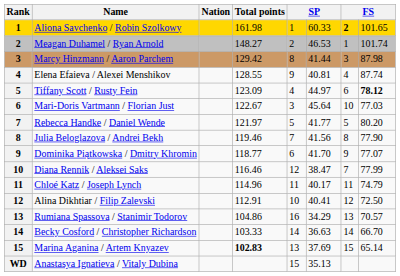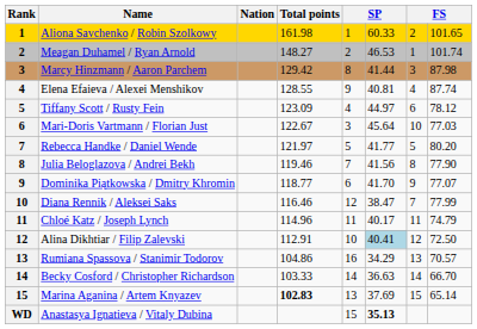 <table class="wikitable">
 <tr>
 <th>Rank</th>
 <th>Name</th>
 <th>Nation</th>
 <th>Total points</th>
 <th colspan="2" width="80px"><a href='#'>SP</a></th>
 <th colspan="2" width="80px"><a href='#'>FS</a></th>
 </tr>
 <tr bgcolor="gold">
 <td align="center"><strong>1</strong></td>
 <td><a href='#'>Aliona Savchenko</a> / <a href='#'>Robin Szolkowy</a></td>
 <td></td>
 <td>161.98</td>
 <td>1</td>
 <td>60.33</td>
-<td><strong>2</strong></td>
+<td>2</td>
 <td>101.65</td>
 </tr>
 <tr bgcolor="silver">
 <td align="center"><strong>2</strong></td>
 <td><a href='#'>Meagan Duhamel</a> / <a href='#'>Ryan Arnold</a></td>
 <td></td>
 <td>148.27</td>
 <td>2</td>
 <td>46.53</td>
 <td>1</td>
 <td>101.74</td>
 </tr>
 <tr bgcolor="cc9966">
 <td align="center"><strong>3</strong></td>
 <td><a href='#'>Marcy Hinzmann</a> / <a href='#'>Aaron Parchem</a></td>
 <td></td>
 <td>129.42</td>
 <td>8</td>
 <td>41.44</td>
 <td>3</td>
 <td>87.98</td>
 </tr>
 <tr>
 <th>4</th>
 <td>Elena Efaieva / Alexei Menshikov</td>
 <td></td>
 <td>128.55</td>
 <td>9</td>
 <td>40.81</td>
 <td>4</td>
 <td>87.74</td>
 </tr>
 <tr>
 <th>5</th>
 <td><a href='#'>Tiffany Scott</a> / <a href='#'>Rusty Fein</a></td>
 <td></td>
 <td>123.09</td>
 <td>4</td>
 <td>44.97</td>
 <td>6</td>
-<td><strong>78.12</strong></td>
+<td>78.12</td>
 </tr>
 <tr>
 <th>6</th>
 <td><a href='#'>Mari-Doris Vartmann</a> / <a href='#'>Florian Just</a></td>
 <td></td>
 <td>122.67</td>
 <td>3</td>
 <td>45.64</td>
 <td>10</td>
 <td>77.03</td>
 </tr>
 <tr>
 <th>7</th>
 <td><a href='#'>Rebecca Handke</a> / <a href='#'>Daniel Wende</a></td>
 <td></td>
 <td>121.97</td>
 <td>5</td>
 <td>41.77</td>
 <td>5</td>
 <td>80.20</td>
 </tr>
 <tr>
 <th>8</th>
 <td><a href='#'>Julia Beloglazova</a> / <a href='#'>Andrei Bekh</a></td>
 <td></td>
 <td>119.46</td>
 <td>7</td>
 <td>41.56</td>
 <td>8</td>
 <td>77.90</td>
 </tr>
 <tr>
 <th>9</th>
 <td><a href='#'>Dominika Piątkowska</a> / <a href='#'>Dmitry Khromin</a></td>
 <td></td>
 <td>118.77</td>
 <td>6</td>
 <td>41.70</td>
 <td>9</td>
 <td>77.07</td>
 </tr>
 <tr>
 <th>10</th>
 <td><a href='#'>Diana Rennik</a> / <a href='#'>Aleksei Saks</a></td>
 <td></td>
 <td>116.46</td>
 <td>12</td>
 <td>38.47</td>
 <td>7</td>
 <td>77.99</td>
 </tr>
 <tr>
 <th>11</th>
 <td><a href='#'>Chloé Katz</a> / <a href='#'>Joseph Lynch</a></td>
 <td></td>
 <td>114.96</td>
 <td>11</td>
 <td>40.17</td>
 <td>11</td>
 <td>74.79</td>
 </tr>
 <tr>
 <th>12</th>
 <td>Alina Dikhtiar / <a href='#'>Filip Zalevski</a></td>
 <td></td>
 <td>112.91</td>
 <td>10</td>
-<td>40.41</td>
+<td style="background: lightblue;">40.41</td>
 <td>12</td>
 <td>72.50</td>
 </tr>
 <tr>
 <th>13</th>
 <td><a href='#'>Rumiana Spassova</a> / <a href='#'>Stanimir Todorov</a></td>
 <td></td>
 <td>104.86</td>
 <td>16</td>
 <td>34.29</td>
 <td>13</td>
 <td>70.57</td>
 </tr>
 <tr>
 <th>14</th>
 <td><a href='#'>Becky Cosford</a> / <a href='#'>Christopher Richardson</a></td>
 <td></td>
 <td>103.33</td>
 <td>14</td>
 <td>36.63</td>
 <td>14</td>
 <td>66.70</td>
 </tr>
 <tr>
 <th>15</th>
 <td><a href='#'>Marina Aganina</a> / <a href='#'>Artem Knyazev</a></td>
 <td></td>
 <td><strong>102.83</strong></td>
 <td>13</td>
 <td>37.69</td>
 <td>15</td>
 <td>65.14</td>
 </tr>
 <tr>
 <th>WD</th>
 <td><a href='#'>Anastasya Ignatieva</a> / <a href='#'>Vitaly Dubina</a></td>
 <td></td>
 <td></td>
 <td>15</td>
-<td>35.13</td>
+<td><strong>35.13</strong></td>
 <td></td>
 <td></td>
 </tr>
 </table>
